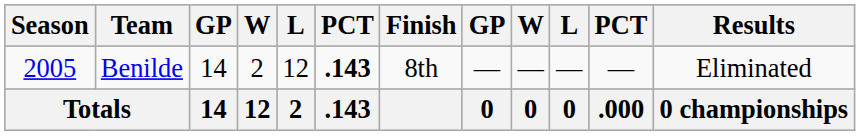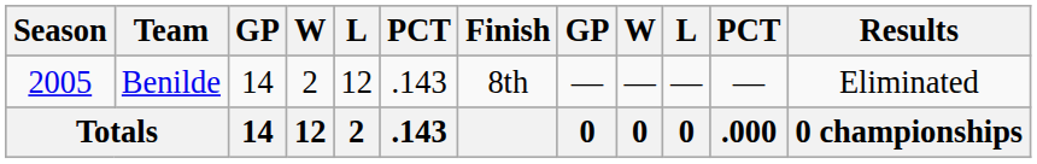 <table class="wikitable" style="text-align:center">
 <tr>
 <th>Season</th>
 <th>Team</th>
 <th>GP</th>
 <th>W</th>
 <th>L</th>
 <th>PCT</th>
 <th>Finish</th>
 <th>GP</th>
 <th>W</th>
 <th>L</th>
 <th>PCT</th>
 <th>Results</th>
 </tr>
 <tr>
 <td><a href='#'>2005</a></td>
 <td><a href='#'>Benilde</a></td>
 <td>14</td>
 <td>2</td>
 <td>12</td>
-<td><strong>.143</strong></td>
+<td>.143</td>
 <td>8th</td>
 <td>—</td>
 <td>—</td>
 <td>—</td>
 <td>—</td>
 <td>Eliminated</td>
 </tr>
 <tr>
 <th colspan="2">Totals</th>
 <th>14</th>
 <th>12</th>
 <th>2</th>
 <th>.143</th>
 <th></th>
 <th>0</th>
 <th>0</th>
 <th>0</th>
 <th>.000</th>
 <th>0 championships</th>
 </tr>
 </table>
